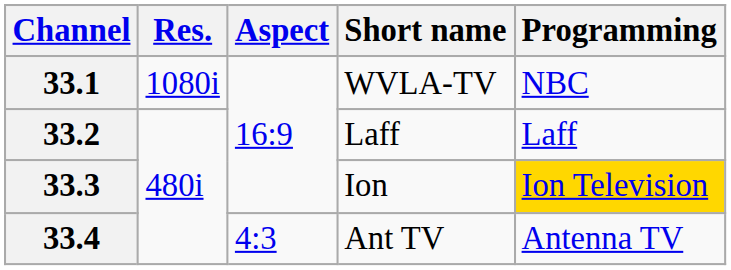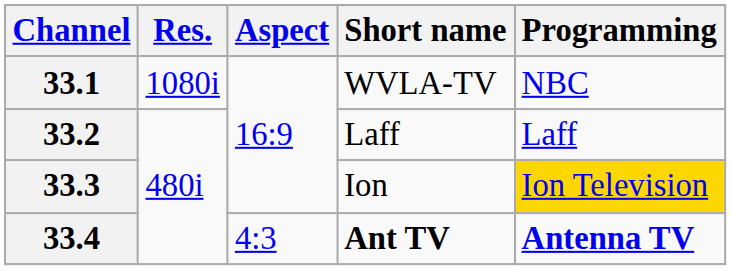 <table class="wikitable">
 <tr>
 <th scope = "col"><a href='#'>Channel</a></th>
 <th scope = "col"><a href='#'>Res.</a></th>
 <th scope = "col"><a href='#'>Aspect</a></th>
 <th scope = "col">Short name</th>
 <th scope = "col">Programming</th>
 </tr>
 <tr>
 <th scope = "row">33.1</th>
 <td><a href='#'>1080i</a></td>
 <td rowspan="3"><a href='#'>16:9</a></td>
 <td>WVLA-TV</td>
 <td><a href='#'>NBC</a></td>
 </tr>
 <tr>
 <th scope = "row">33.2</th>
 <td rowspan=3><a href='#'>480i</a></td>
 <td>Laff</td>
 <td><a href='#'>Laff</a></td>
 </tr>
 <tr>
 <th scope = "row">33.3</th>
 <td>Ion</td>
 <td style="background: gold;"><a href='#'>Ion Television</a></td>
 </tr>
 <tr>
 <th scope = "row">33.4</th>
 <td><a href='#'>4:3</a></td>
-<td>Ant TV</td>
-<td><a href='#'>Antenna TV</a></td>
+<td><strong>Ant TV</strong></td>
+<td><strong><a href='#'>Antenna TV</a></strong></td>
 </tr>
 </table>
